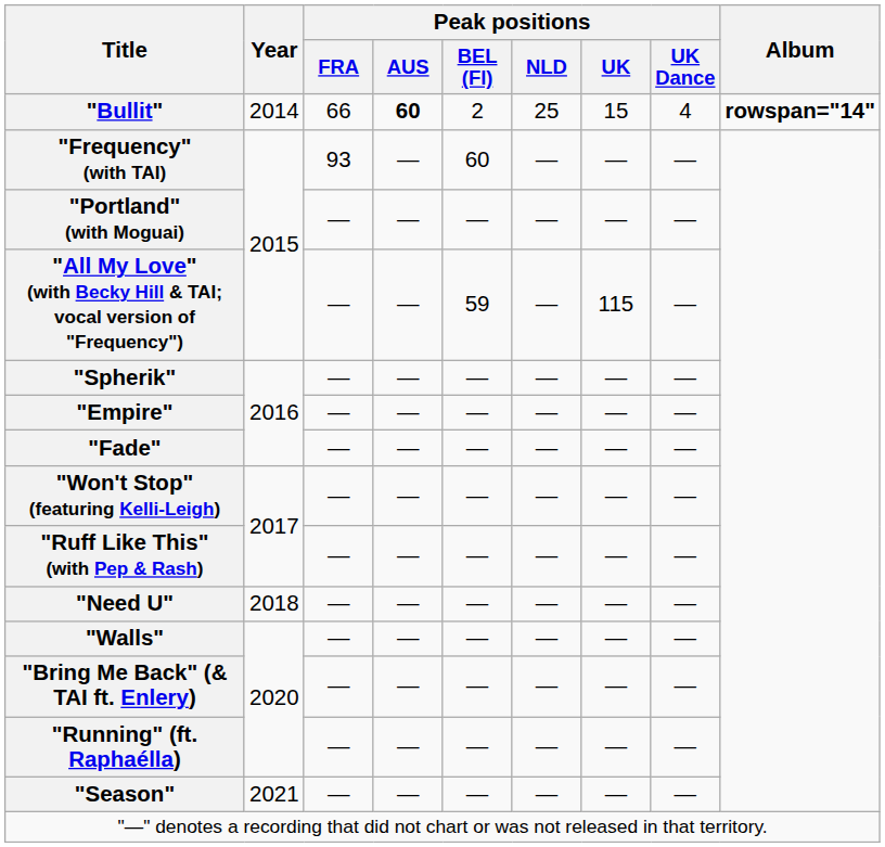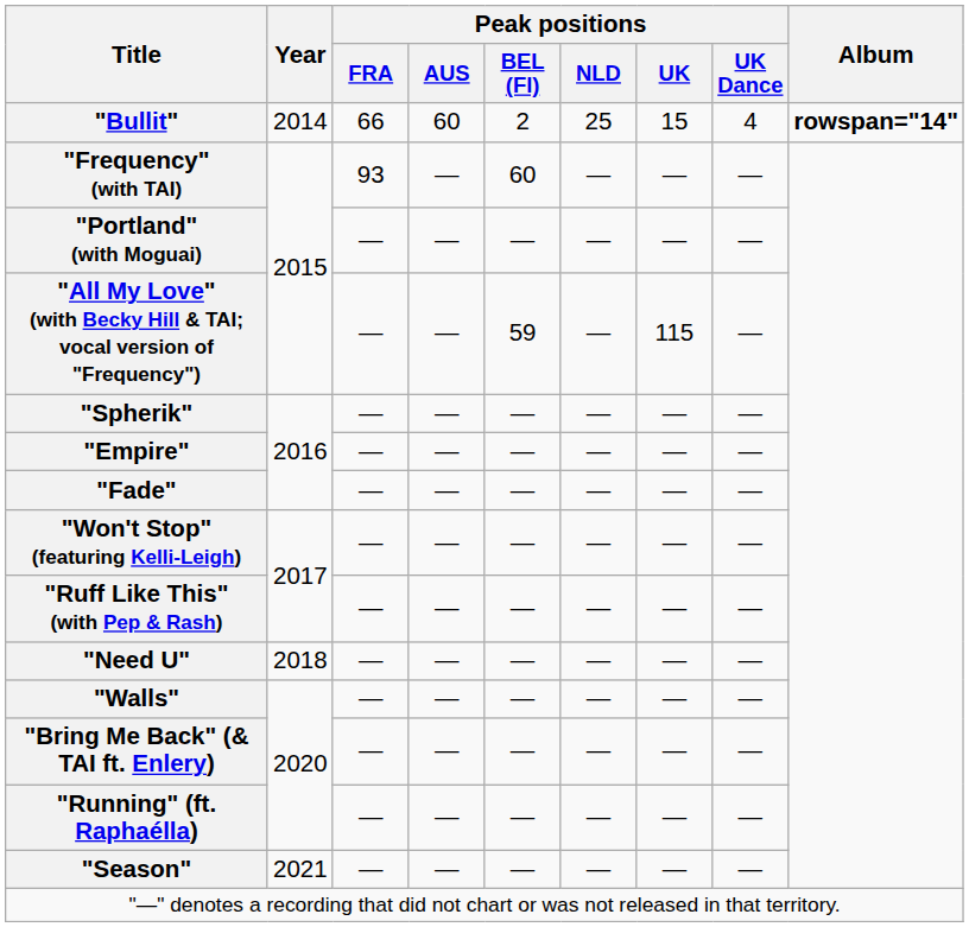 <table class="wikitable plainrowheaders" style="text-align:center">
 <tr>
 <th rowspan="2" style="width:165px;">Title</th>
 <th rowspan="2" style="width:10px;">Year</th>
 <th colspan="6" style="width:30px;">Peak positions</th>
 <th rowspan="2" style="width:100px;">Album</th>
 </tr>
 <tr>
 <th scope="col" style="width:3em;font-size:90%;"><a href='#'>FRA</a> <br></th>
 <th scope="col" style="width:3em;font-size:90%;"><a href='#'>AUS</a> <br></th>
 <th scope="col" style="width:3em;font-size:90%;"><a href='#'>BEL (Fl)</a> <br></th>
 <th scope="col" style="width:3em;font-size:90%;"><a href='#'>NLD</a> <br></th>
 <th scope="col" style="width:3em;font-size:90%;"><a href='#'>UK</a></th>
 <th scope="col" style="width:3em;font-size:90%;"><a href='#'>UK Dance</a></th>
 </tr>
 <tr>
 <th scope="row">"<a href='#'>Bullit</a>"</th>
 <td>2014</td>
 <td>66</td>
-<td><strong>60</strong></td>
+<td>60</td>
 <td>2</td>
 <td>25</td>
 <td>15</td>
 <td>4</td>
 <td><strong>rowspan="14" </strong></td>
 </tr>
 <tr>
 <th scope="row">"Frequency"<br><small>(with TAI)</small></th>
 <td rowspan="3">2015</td>
 <td>93</td>
 <td>—</td>
 <td>60</td>
 <td>—</td>
 <td>—</td>
 <td>—</td>
 </tr>
 <tr>
 <th scope="row">"Portland"<br><small>(with Moguai)</small></th>
 <td>—</td>
 <td>—</td>
 <td>—</td>
 <td>—</td>
 <td>—</td>
 <td>—</td>
 </tr>
 <tr>
 <th scope="row">"<a href='#'>All My Love</a>"<br><small>(with <a href='#'>Becky Hill</a> & TAI;<br> vocal version of "Frequency")</small></th>
 <td>—</td>
 <td>—</td>
 <td>59</td>
 <td>—</td>
 <td>115</td>
 <td>—</td>
 </tr>
 <tr>
 <th scope="row">"Spherik"</th>
 <td rowspan="3">2016</td>
 <td>—</td>
 <td>—</td>
 <td>—</td>
 <td>—</td>
 <td>—</td>
 <td>—</td>
 </tr>
 <tr>
 <th scope="row">"Empire"</th>
 <td>—</td>
 <td>—</td>
 <td>—</td>
 <td>—</td>
 <td>—</td>
 <td>—</td>
 </tr>
 <tr>
 <th scope="row">"Fade"</th>
 <td>—</td>
 <td>—</td>
 <td>—</td>
 <td>—</td>
 <td>—</td>
 <td>—</td>
 </tr>
 <tr>
 <th scope="row">"Won't Stop"<br><small>(featuring <a href='#'>Kelli-Leigh</a>)</small></th>
 <td rowspan="2">2017</td>
 <td>—</td>
 <td>—</td>
 <td>—</td>
 <td>—</td>
 <td>—</td>
 <td>—</td>
 </tr>
 <tr>
 <th scope="row">"Ruff Like This"<br><small>(with <a href='#'>Pep & Rash</a>)</small></th>
 <td>—</td>
 <td>—</td>
 <td>—</td>
 <td>—</td>
 <td>—</td>
 <td>—</td>
 </tr>
 <tr>
 <th scope="row">"Need U"</th>
 <td>2018</td>
 <td>—</td>
 <td>—</td>
 <td>—</td>
 <td>—</td>
 <td>—</td>
 <td>—</td>
 </tr>
 <tr>
 <th scope="row">"Walls"</th>
 <td rowspan="3">2020</td>
 <td>—</td>
 <td>—</td>
 <td>—</td>
 <td>—</td>
 <td>—</td>
 <td>—</td>
 </tr>
 <tr>
 <th scope="row">"Bring Me Back" (& TAI ft. <a href='#'>Enlery</a>)</th>
 <td>—</td>
 <td>—</td>
 <td>—</td>
 <td>—</td>
 <td>—</td>
 <td>—</td>
 </tr>
 <tr>
 <th scope="row">"Running" (ft. <a href='#'>Raphaélla</a>)</th>
 <td>—</td>
 <td>—</td>
 <td>—</td>
 <td>—</td>
 <td>—</td>
 <td>—</td>
 </tr>
 <tr>
 <th scope="row">"Season"</th>
 <td>2021</td>
 <td>—</td>
 <td>—</td>
 <td>—</td>
 <td>—</td>
 <td>—</td>
 <td>—</td>
 </tr>
 <tr>
 <td colspan="9" style="font-size:85%;">"—" denotes a recording that did not chart or was not released in that territory.</td>
 </tr>
 </table>
